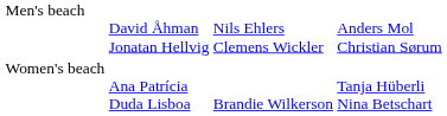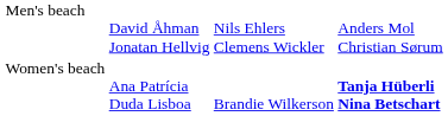 <table>
 <tr valign="top">
 <td>Men's beach<br></td>
 <td><br><a href='#'>David Åhman</a><br><a href='#'>Jonatan Hellvig</a></td>
 <td><br><a href='#'>Nils Ehlers</a><br><a href='#'>Clemens Wickler</a></td>
 <td><br><a href='#'>Anders Mol</a><br><a href='#'>Christian Sørum</a></td>
 </tr>
 <tr valign="top">
 <td>Women's beach<br></td>
 <td><br><a href='#'>Ana Patrícia</a><br><a href='#'>Duda Lisboa</a></td>
 <td><br><br><a href='#'>Brandie Wilkerson</a></td>
-<td><br><a href='#'>Tanja Hüberli</a><br><a href='#'>Nina Betschart</a></td>
+<td><strong><br><a href='#'>Tanja Hüberli</a><br><a href='#'>Nina Betschart</a></strong></td>
 </tr>
 </table>
